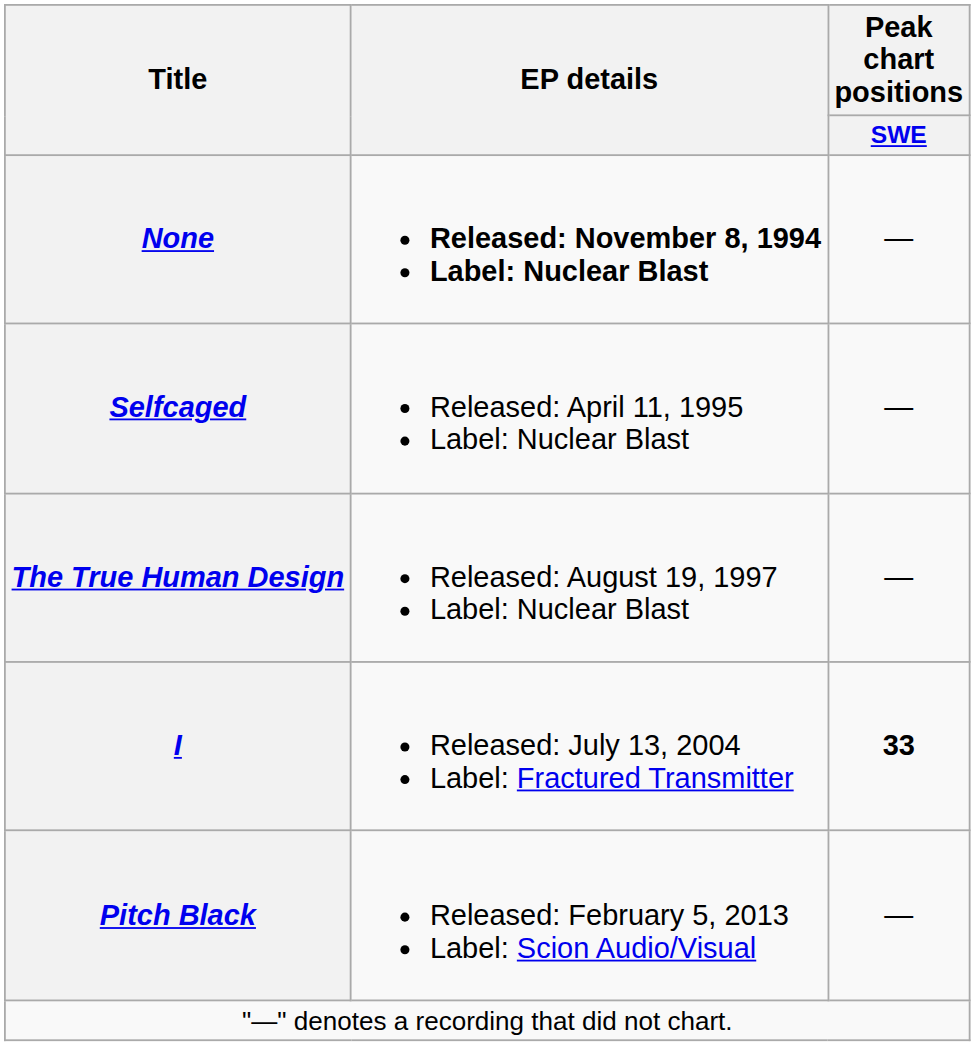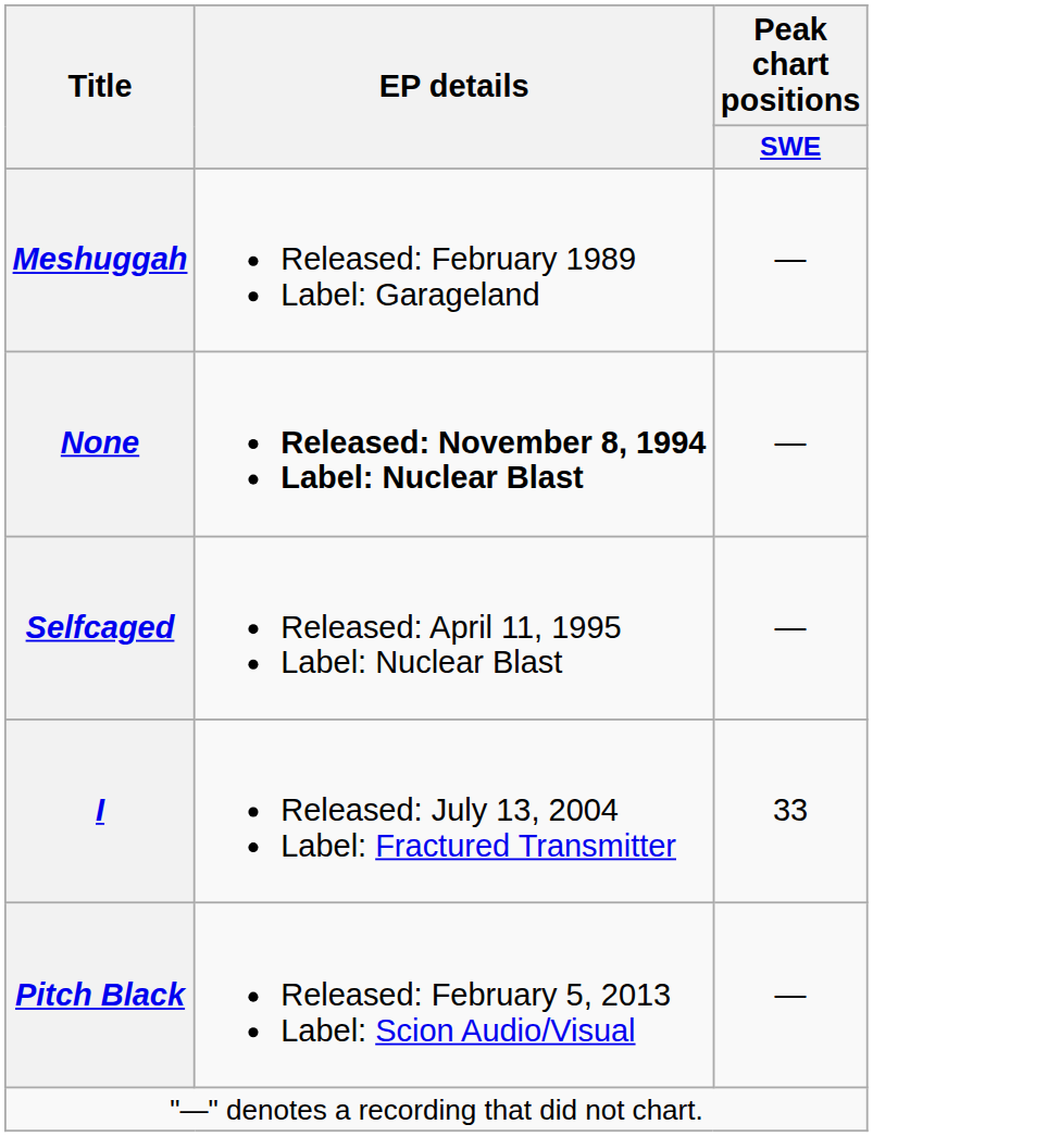 <table class="wikitable plainrowheaders">
 <tr>
 <th scope="col" rowspan="2">Title</th>
 <th scope="col" rowspan="2">EP details</th>
 <th scope="col">Peak chart positions</th>
 </tr>
 <tr>
 <th scope="col" style="width:4em;font-size:85%"><a href='#'>SWE</a><br></th>
+</tr>
+<tr>
+<th scope="row"><em><a href='#'>Meshuggah</a></em></th>
+<td><br><ul><li>Released: February 1989</li><li>Label: Garageland</li></ul></td>
+<td align="center">—</td>
 </tr>
 <tr>
 <th scope="row"><em><a href='#'>None</a></em></th>
 <td><strong><br><ul><li>Released: November 8, 1994</li><li>Label: Nuclear Blast</li></ul></strong></td>
 <td align="center">—</td>
 </tr>
 <tr>
 <th scope="row"><em><a href='#'>Selfcaged</a></em></th>
 <td><br><ul><li>Released: April 11, 1995</li><li>Label: Nuclear Blast</li></ul></td>
 <td align="center">—</td>
 </tr>
 <tr>
-<th scope="row"><em><a href='#'>The True Human Design</a></em></th>
-<td><br><ul><li>Released: August 19, 1997</li><li>Label: Nuclear Blast</li></ul></td>
-<td align="center">—</td>
-</tr>
-<tr>
 <th scope="row"><em><a href='#'>I</a></em></th>
 <td><br><ul><li>Released: July 13, 2004</li><li>Label: <a href='#'>Fractured Transmitter</a></li></ul></td>
-<td align="center"><strong>33</strong></td>
+<td align="center">33</td>
 </tr>
 <tr>
 <th scope="row"><em><a href='#'>Pitch Black</a></em></th>
 <td><br><ul><li>Released: February 5, 2013</li><li>Label: <a href='#'>Scion Audio/Visual</a></li></ul></td>
 <td align="center">—</td>
 </tr>
 <tr>
 <td align="center" colspan="3" style="font-size:90%">"—" denotes a recording that did not chart.</td>
 </tr>
 </table>
